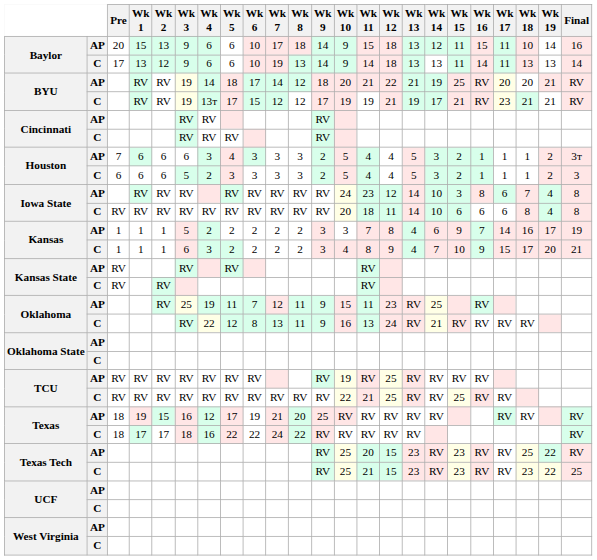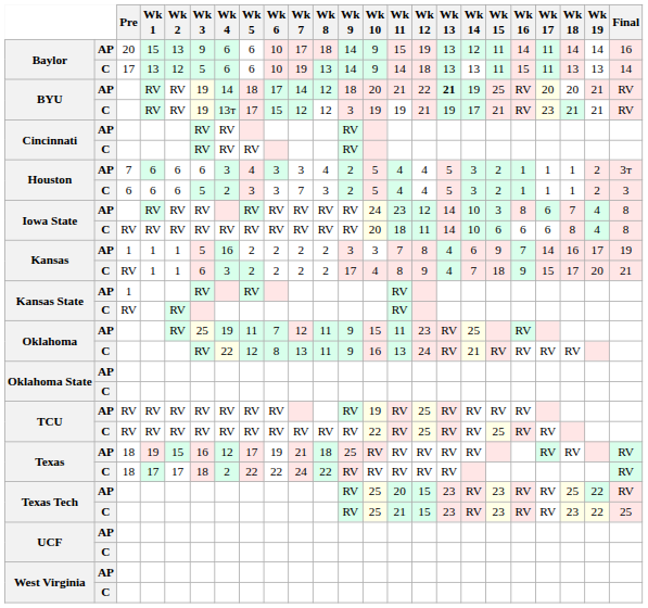 <table class="wikitable" style="white-space:nowrap;font-size:90%;">
 <tr>
 <th colspan="2" style="background:white; border-top-style:hidden; border-left-style:hidden;"> </th>
 <th>Pre</th>
 <th>Wk<br>1</th>
 <th>Wk<br>2</th>
 <th>Wk<br>3</th>
 <th>Wk<br>4</th>
 <th>Wk<br>5</th>
 <th>Wk<br>6</th>
 <th>Wk<br>7</th>
 <th>Wk<br>8</th>
 <th>Wk<br>9</th>
 <th>Wk<br>10</th>
 <th>Wk<br>11</th>
 <th>Wk<br>12</th>
 <th>Wk<br>13</th>
 <th>Wk<br>14</th>
 <th>Wk<br>15</th>
 <th>Wk<br>16</th>
 <th>Wk<br>17</th>
 <th>Wk<br>18</th>
 <th>Wk<br>19</th>
 <th>Final</th>
 </tr>
 <tr style="text-align:center;">
 <th rowspan="2">Baylor</th>
 <th>AP</th>
 <td style="background:#FFF;">20</td>
 <td style="background:#d8ffeb;">15</td>
 <td style="background:#d8ffeb;">13</td>
 <td style="background:#d8ffeb;">9</td>
 <td style="background:#d8ffeb;">6</td>
 <td style="background:#FFF;">6</td>
 <td style="background:#ffe6e6;">10</td>
 <td style="background:#ffe6e6;">17</td>
 <td style="background:#ffe6e6;">18</td>
 <td style="background:#d8ffeb;">14</td>
 <td style="background:#d8ffeb;">9</td>
 <td style="background:#ffe6e6;">15</td>
-<td style="background:#ffe6e6;">18</td>
+<td style="background:#ffe6e6;">19</td>
 <td style="background:#d8ffeb;">13</td>
 <td style="background:#d8ffeb;">12</td>
 <td style="background:#d8ffeb;">11</td>
-<td style="background:#ffe6e6;">15</td>
+<td style="background:#ffe6e6;">14</td>
 <td style="background:#d8ffeb;">11</td>
-<td style="background:#ffe6e6;">10</td>
+<td style="background:#ffe6e6;">14</td>
 <td style="background:#FFF;">14</td>
 <td style="background:#ffe6e6;">16</td>
 </tr>
 <tr style="text-align:center;">
 <th>C</th>
 <td style="background:#FFF;">17</td>
 <td style="background:#d8ffeb;">13</td>
 <td style="background:#d8ffeb;">12</td>
-<td style="background:#d8ffeb;">9</td>
+<td style="background:#d8ffeb;">5</td>
 <td style="background:#d8ffeb;">6</td>
 <td style="background:#FFF;">6</td>
 <td style="background:#ffe6e6;">10</td>
 <td style="background:#ffe6e6;">19</td>
 <td style="background:#d8ffeb;">13</td>
 <td style="background:#d8ffeb;">14</td>
 <td style="background:#d8ffeb;">9</td>
 <td style="background:#ffe6e6;">14</td>
 <td style="background:#ffe6e6;">18</td>
 <td style="background:#d8ffeb;">13</td>
 <td style="background:#FFF;">13</td>
 <td style="background:#d8ffeb;">11</td>
-<td style="background:#ffe6e6;">14</td>
+<td style="background:#ffe6e6;">15</td>
 <td style="background:#d8ffeb;">11</td>
 <td style="background:#ffe6e6;">13</td>
 <td style="background:#FFF;">13</td>
 <td style="background:#ffe6e6;">14</td>
 </tr>
 <tr style="text-align:center;">
 <th rowspan="2">BYU</th>
 <th>AP</th>
 <td style="background:#FFF;"></td>
 <td style="background:#d8ffeb;">RV</td>
 <td style="background:#FFF;">RV</td>
 <td style="background:#ffffe6;">19</td>
 <td style="background:#d8ffeb;">14</td>
 <td style="background:#ffe6e6;">18</td>
 <td style="background:#d8ffeb;">17</td>
 <td style="background:#d8ffeb;">14</td>
 <td style="background:#d8ffeb;">12</td>
 <td style="background:#ffe6e6;">18</td>
 <td style="background:#ffe6e6;">20</td>
 <td style="background:#ffe6e6;">21</td>
 <td style="background:#ffe6e6;">22</td>
-<td style="background:#d8ffeb;">21</td>
+<td style="background:#d8ffeb;"><strong>21</strong></td>
 <td style="background:#d8ffeb;">19</td>
 <td style="background:#ffe6e6;">25</td>
 <td style="background:#ffe6e6;">RV</td>
 <td style="background:#ffffe6;">20</td>
 <td style="background:#FFF;">20</td>
 <td style="background:#ffe6e6;">21</td>
 <td style="background:#ffe6e6;">RV</td>
 </tr>
 <tr style="text-align:center;">
 <th>C</th>
 <td style="background:#FFF;"></td>
 <td style="background:#d8ffeb;">RV</td>
 <td style="background:#FFF;">RV</td>
 <td style="background:#ffffe6;">19</td>
 <td style="background:#d8ffeb;">13т</td>
 <td style="background:#ffe6e6;">17</td>
 <td style="background:#d8ffeb;">15</td>
 <td style="background:#d8ffeb;">12</td>
 <td style="background:#FFF;">12</td>
-<td style="background:#ffe6e6;">17</td>
+<td style="background:#ffe6e6;">3</td>
 <td style="background:#ffe6e6;">19</td>
 <td style="background:#FFF;">19</td>
 <td style="background:#ffe6e6;">21</td>
 <td style="background:#d8ffeb;">19</td>
 <td style="background:#d8ffeb;">17</td>
 <td style="background:#ffe6e6;">21</td>
 <td style="background:#ffe6e6;">RV</td>
 <td style="background:#ffffe6;">23</td>
 <td style="background:#d8ffeb;">21</td>
 <td style="background:#FFF;">21</td>
 <td style="background:#ffe6e6;">RV</td>
 </tr>
 <tr style="text-align:center;">
 <th rowspan="2">Cincinnati</th>
 <th>AP</th>
 <td style="background:#FFF;"></td>
 <td style="background:#FFF;"></td>
 <td style="background:#FFF;"></td>
 <td style="background:#d8ffeb;">RV</td>
 <td style="background:#FFF;">RV</td>
 <td style="background:#ffe6e6;"></td>
 <td style="background:#FFF;"></td>
 <td style="background:#FFF;"></td>
 <td style="background:#FFF;"></td>
 <td style="background:#d8ffeb;">RV</td>
 <td style="background:#ffe6e6;"></td>
 <td style="background:#FFF;"></td>
 <td style="background:#FFF;"></td>
 <td style="background:#FFF;"></td>
 <td style="background:#FFF;"></td>
 <td style="background:#FFF;"></td>
 <td style="background:#FFF;"></td>
 <td style="background:#FFF;"></td>
 <td style="background:#FFF;"></td>
 <td style="background:#FFF;"></td>
 <td style="background:#FFF;"></td>
 </tr>
 <tr style="text-align:center;">
 <th>C</th>
 <td style="background:#FFF;"></td>
 <td style="background:#FFF;"></td>
 <td style="background:#FFF;"></td>
 <td style="background:#d8ffeb;">RV</td>
 <td style="background:#FFF;">RV</td>
 <td style="background:#FFF;">RV</td>
 <td style="background:#ffe6e6;"></td>
 <td style="background:#FFF;"></td>
 <td style="background:#FFF;"></td>
 <td style="background:#d8ffeb;">RV</td>
 <td style="background:#ffe6e6;"></td>
 <td style="background:#FFF;"></td>
 <td style="background:#FFF;"></td>
 <td style="background:#FFF;"></td>
 <td style="background:#FFF;"></td>
 <td style="background:#FFF;"></td>
 <td style="background:#FFF;"></td>
 <td style="background:#FFF;"></td>
 <td style="background:#FFF;"></td>
 <td style="background:#FFF;"></td>
 <td style="background:#FFF;"></td>
 </tr>
 <tr style="text-align:center;">
 <th rowspan="2">Houston</th>
 <th>AP</th>
 <td style="background:#FFF;">7</td>
 <td style="background:#d8ffeb;">6</td>
 <td style="background:#FFF;">6</td>
 <td style="background:#FFF;">6</td>
 <td style="background:#d8ffeb;">3</td>
 <td style="background:#ffe6e6;">4</td>
 <td style="background:#d8ffeb;">3</td>
 <td style="background:#FFF;">3</td>
-<td style="background:#FFF;">3</td>
+<td style="background:#FFF;">4</td>
 <td style="background:#d8ffeb;">2</td>
 <td style="background:#ffe6e6;">5</td>
 <td style="background:#d8ffeb;">4</td>
 <td style="background:#FFF;">4</td>
 <td style="background:#ffe6e6;">5</td>
 <td style="background:#d8ffeb;">3</td>
 <td style="background:#d8ffeb;">2</td>
 <td style="background:#d8ffeb;">1</td>
 <td style="background:#FFF;">1</td>
 <td style="background:#FFF;">1</td>
 <td style="background:#ffe6e6;">2</td>
 <td style="background:#ffe6e6;">3т</td>
 </tr>
 <tr style="text-align:center;">
 <th>C</th>
 <td style="background:#FFF;">6</td>
 <td style="background:#FFF;">6</td>
 <td style="background:#FFF;">6</td>
 <td style="background:#d8ffeb;">5</td>
 <td style="background:#d8ffeb;">2</td>
 <td style="background:#ffe6e6;">3</td>
 <td style="background:#FFF;">3</td>
-<td style="background:#FFF;">3</td>
+<td style="background:#FFF;">7</td>
 <td style="background:#FFF;">3</td>
 <td style="background:#d8ffeb;">2</td>
 <td style="background:#ffe6e6;">5</td>
 <td style="background:#d8ffeb;">4</td>
 <td style="background:#FFF;">4</td>
 <td style="background:#ffe6e6;">5</td>
 <td style="background:#d8ffeb;">3</td>
 <td style="background:#d8ffeb;">2</td>
 <td style="background:#d8ffeb;">1</td>
 <td style="background:#FFF;">1</td>
 <td style="background:#FFF;">1</td>
 <td style="background:#ffe6e6;">2</td>
 <td style="background:#ffe6e6;">3</td>
 </tr>
 <tr style="text-align:center;">
 <th rowspan="2">Iowa State</th>
 <th>AP</th>
 <td style="background:#FFF;"></td>
 <td style="background:#d8ffeb;">RV</td>
 <td style="background:#FFF;">RV</td>
 <td style="background:#FFF;">RV</td>
 <td style="background:#ffe6e6;"></td>
 <td style="background:#d8ffeb;">RV</td>
 <td style="background:#FFF;">RV</td>
 <td style="background:#FFF;">RV</td>
 <td style="background:#FFF;">RV</td>
 <td style="background:#FFF;">RV</td>
 <td style="background:#ffffe6;">24</td>
 <td style="background:#d8ffeb;">23</td>
 <td style="background:#d8ffeb;">12</td>
 <td style="background:#ffe6e6;">14</td>
 <td style="background:#d8ffeb;">10</td>
 <td style="background:#d8ffeb;">3</td>
 <td style="background:#ffe6e6;">8</td>
 <td style="background:#d8ffeb;">6</td>
 <td style="background:#ffe6e6;">7</td>
 <td style="background:#d8ffeb;">4</td>
 <td style="background:#ffe6e6;">8</td>
 </tr>
 <tr style="text-align:center;">
 <th>C</th>
 <td style="background:#FFF;">RV</td>
 <td style="background:#FFF;">RV</td>
 <td style="background:#FFF;">RV</td>
 <td style="background:#FFF;">RV</td>
 <td style="background:#FFF;">RV</td>
 <td style="background:#FFF;">RV</td>
 <td style="background:#FFF;">RV</td>
 <td style="background:#FFF;">RV</td>
 <td style="background:#FFF;">RV</td>
 <td style="background:#FFF;">RV</td>
 <td style="background:#ffffe6;">20</td>
 <td style="background:#d8ffeb;">18</td>
 <td style="background:#d8ffeb;">11</td>
 <td style="background:#ffe6e6;">14</td>
 <td style="background:#d8ffeb;">10</td>
 <td style="background:#d8ffeb;">6</td>
 <td style="background:#FFF;">6</td>
 <td style="background:#FFF;">6</td>
 <td style="background:#ffe6e6;">8</td>
 <td style="background:#d8ffeb;">4</td>
 <td style="background:#ffe6e6;">8</td>
 </tr>
 <tr style="text-align:center;">
 <th rowspan="2">Kansas</th>
 <th>AP</th>
 <td style="background:#FFF;">1</td>
 <td style="background:#FFF;">1</td>
 <td style="background:#FFF;">1</td>
 <td style="background:#ffe6e6;">5</td>
-<td style="background:#d8ffeb;">2</td>
+<td style="background:#d8ffeb;">16</td>
 <td style="background:#FFF;">2</td>
 <td style="background:#FFF;">2</td>
 <td style="background:#FFF;">2</td>
 <td style="background:#FFF;">2</td>
 <td style="background:#ffe6e6;">3</td>
 <td style="background:#FFF;">3</td>
 <td style="background:#ffe6e6;">7</td>
 <td style="background:#ffe6e6;">8</td>
 <td style="background:#d8ffeb;">4</td>
 <td style="background:#ffe6e6;">6</td>
 <td style="background:#ffe6e6;">9</td>
 <td style="background:#d8ffeb;">7</td>
 <td style="background:#ffe6e6;">14</td>
 <td style="background:#ffe6e6;">16</td>
 <td style="background:#ffe6e6;">17</td>
 <td style="background:#ffe6e6;">19</td>
 </tr>
 <tr style="text-align:center;">
 <th>C</th>
-<td style="background:#FFF;">1</td>
+<td style="background:#FFF;">RV</td>
 <td style="background:#FFF;">1</td>
 <td style="background:#FFF;">1</td>
 <td style="background:#ffe6e6;">6</td>
 <td style="background:#d8ffeb;">3</td>
 <td style="background:#d8ffeb;">2</td>
 <td style="background:#FFF;">2</td>
 <td style="background:#FFF;">2</td>
 <td style="background:#FFF;">2</td>
-<td style="background:#ffe6e6;">3</td>
+<td style="background:#ffe6e6;">17</td>
 <td style="background:#ffe6e6;">4</td>
 <td style="background:#ffe6e6;">8</td>
 <td style="background:#ffe6e6;">9</td>
 <td style="background:#d8ffeb;">4</td>
 <td style="background:#ffe6e6;">7</td>
-<td style="background:#ffe6e6;">10</td>
+<td style="background:#ffe6e6;">18</td>
 <td style="background:#d8ffeb;">9</td>
 <td style="background:#ffe6e6;">15</td>
 <td style="background:#ffe6e6;">17</td>
 <td style="background:#ffe6e6;">20</td>
 <td style="background:#ffe6e6;">21</td>
 </tr>
 <tr style="text-align:center;">
 <th rowspan="2">Kansas State</th>
 <th>AP</th>
-<td style="background:#FFF;">RV</td>
+<td style="background:#FFF;">1</td>
 <td style="background:#FFF;"></td>
 <td style="background:#FFF;"></td>
 <td style="background:#d8ffeb;">RV</td>
 <td style="background:#ffe6e6;"></td>
 <td style="background:#d8ffeb;">RV</td>
 <td style="background:#ffe6e6;"></td>
 <td style="background:#FFF;"></td>
 <td style="background:#FFF;"></td>
 <td style="background:#FFF;"></td>
 <td style="background:#FFF;"></td>
 <td style="background:#d8ffeb;">RV</td>
 <td style="background:#ffe6e6;"></td>
 <td style="background:#FFF;"></td>
 <td style="background:#FFF;"></td>
 <td style="background:#FFF;"></td>
 <td style="background:#FFF;"></td>
 <td style="background:#FFF;"></td>
 <td style="background:#FFF;"></td>
 <td style="background:#FFF;"></td>
 <td style="background:#FFF;"></td>
 </tr>
 <tr style="text-align:center;">
 <th>C</th>
 <td style="background:#FFF;">RV</td>
 <td style="background:#FFF;"></td>
 <td style="background:#d8ffeb;">RV</td>
 <td style="background:#ffe6e6;"></td>
 <td style="background:#FFF;"></td>
 <td style="background:#FFF;"></td>
 <td style="background:#FFF;"></td>
 <td style="background:#FFF;"></td>
 <td style="background:#FFF;"></td>
 <td style="background:#FFF;"></td>
 <td style="background:#FFF;"></td>
 <td style="background:#d8ffeb;">RV</td>
 <td style="background:#ffe6e6;"></td>
 <td style="background:#FFF;"></td>
 <td style="background:#FFF;"></td>
 <td style="background:#FFF;"></td>
 <td style="background:#FFF;"></td>
 <td style="background:#FFF;"></td>
 <td style="background:#FFF;"></td>
 <td style="background:#FFF;"></td>
 <td style="background:#FFF;"></td>
 </tr>
 <tr style="text-align:center;">
 <th rowspan="2">Oklahoma</th>
 <th>AP</th>
 <td style="background:#FFF;"></td>
 <td style="background:#FFF;"></td>
 <td style="background:#d8ffeb;">RV</td>
 <td style="background:#ffffe6;">25</td>
 <td style="background:#d8ffeb;">19</td>
 <td style="background:#d8ffeb;">11</td>
 <td style="background:#d8ffeb;">7</td>
 <td style="background:#ffe6e6;">12</td>
 <td style="background:#d8ffeb;">11</td>
 <td style="background:#d8ffeb;">9</td>
 <td style="background:#ffe6e6;">15</td>
 <td style="background:#d8ffeb;">11</td>
 <td style="background:#ffe6e6;">23</td>
 <td style="background:#ffe6e6;">RV</td>
 <td style="background:#ffffe6;">25</td>
 <td style="background:#ffe6e6;"></td>
 <td style="background:#d8ffeb;">RV</td>
 <td style="background:#ffe6e6;"></td>
 <td style="background:#FFF;"></td>
 <td style="background:#FFF;"></td>
 <td style="background:#FFF;"></td>
 </tr>
 <tr style="text-align:center;">
 <th>C</th>
 <td style="background:#FFF;"></td>
 <td style="background:#FFF;"></td>
 <td style="background:#FFF;"></td>
 <td style="background:#d8ffeb;">RV</td>
 <td style="background:#ffffe6;">22</td>
 <td style="background:#d8ffeb;">12</td>
 <td style="background:#d8ffeb;">8</td>
 <td style="background:#d8ffeb;">13</td>
 <td style="background:#d8ffeb;">11</td>
 <td style="background:#d8ffeb;">9</td>
 <td style="background:#ffe6e6;">16</td>
 <td style="background:#d8ffeb;">13</td>
 <td style="background:#ffe6e6;">24</td>
 <td style="background:#ffe6e6;">RV</td>
 <td style="background:#ffffe6;">21</td>
 <td style="background:#ffe6e6;">RV</td>
 <td style="background:#FFF;">RV</td>
 <td style="background:#FFF;">RV</td>
 <td style="background:#FFF;">RV</td>
 <td style="background:#ffe6e6;"></td>
 <td style="background:#FFF;"></td>
 </tr>
 <tr style="text-align:center;">
 <th rowspan="2">Oklahoma State</th>
 <th>AP</th>
 <td style="background:#FFF;"></td>
 <td style="background:#FFF;"></td>
 <td style="background:#FFF;"></td>
 <td style="background:#FFF;"></td>
 <td style="background:#FFF;"></td>
 <td style="background:#FFF;"></td>
 <td style="background:#FFF;"></td>
 <td style="background:#FFF;"></td>
 <td style="background:#FFF;"></td>
 <td style="background:#FFF;"></td>
 <td style="background:#FFF;"></td>
 <td style="background:#FFF;"></td>
 <td style="background:#FFF;"></td>
 <td style="background:#FFF;"></td>
 <td style="background:#FFF;"></td>
 <td style="background:#FFF;"></td>
 <td style="background:#FFF;"></td>
 <td style="background:#FFF;"></td>
 <td style="background:#FFF;"></td>
 <td style="background:#FFF;"></td>
 <td style="background:#FFF;"></td>
 </tr>
 <tr style="text-align:center;">
 <th>C</th>
 <td style="background:#FFF;"></td>
 <td style="background:#FFF;"></td>
 <td style="background:#FFF;"></td>
 <td style="background:#FFF;"></td>
 <td style="background:#FFF;"></td>
 <td style="background:#FFF;"></td>
 <td style="background:#FFF;"></td>
 <td style="background:#FFF;"></td>
 <td style="background:#FFF;"></td>
 <td style="background:#FFF;"></td>
 <td style="background:#FFF;"></td>
 <td style="background:#FFF;"></td>
 <td style="background:#FFF;"></td>
 <td style="background:#FFF;"></td>
 <td style="background:#FFF;"></td>
 <td style="background:#FFF;"></td>
 <td style="background:#FFF;"></td>
 <td style="background:#FFF;"></td>
 <td style="background:#FFF;"></td>
 <td style="background:#FFF;"></td>
 <td style="background:#FFF;"></td>
 </tr>
 <tr style="text-align:center;">
 <th rowspan="2">TCU</th>
 <th>AP</th>
 <td style="background:#FFF;">RV</td>
 <td style="background:#FFF;">RV</td>
 <td style="background:#FFF;">RV</td>
 <td style="background:#FFF;">RV</td>
 <td style="background:#FFF;">RV</td>
 <td style="background:#FFF;">RV</td>
 <td style="background:#FFF;">RV</td>
 <td style="background:#ffe6e6;"></td>
 <td style="background:#FFF;"></td>
 <td style="background:#d8ffeb;">RV</td>
 <td style="background:#ffffe6;">19</td>
 <td style="background:#ffe6e6;">RV</td>
 <td style="background:#ffffe6;">25</td>
 <td style="background:#ffe6e6;">RV</td>
 <td style="background:#FFF;">RV</td>
 <td style="background:#FFF;">RV</td>
 <td style="background:#FFF;">RV</td>
 <td style="background:#ffe6e6;"></td>
 <td style="background:#FFF;"></td>
 <td style="background:#FFF;"></td>
 <td style="background:#FFF;"></td>
 </tr>
 <tr style="text-align:center;">
 <th>C</th>
 <td style="background:#FFF;">RV</td>
 <td style="background:#FFF;">RV</td>
 <td style="background:#FFF;">RV</td>
 <td style="background:#FFF;">RV</td>
 <td style="background:#FFF;">RV</td>
 <td style="background:#FFF;">RV</td>
 <td style="background:#FFF;">RV</td>
 <td style="background:#FFF;">RV</td>
 <td style="background:#FFF;">RV</td>
 <td style="background:#FFF;">RV</td>
 <td style="background:#ffffe6;">22</td>
-<td style="background:#ffe6e6;">21</td>
+<td style="background:#ffe6e6;">RV</td>
 <td style="background:#ffffe6;">25</td>
 <td style="background:#ffe6e6;">RV</td>
 <td style="background:#FFF;">RV</td>
 <td style="background:#ffffe6;">25</td>
 <td style="background:#ffe6e6;">RV</td>
 <td style="background:#FFF;">RV</td>
 <td style="background:#ffe6e6;"></td>
 <td style="background:#FFF;"></td>
 <td style="background:#FFF;"></td>
 </tr>
 <tr style="text-align:center;">
 <th rowspan="2">Texas</th>
 <th>AP</th>
 <td style="background:#FFF;">18</td>
 <td style="background:#ffe6e6;">19</td>
 <td style="background:#d8ffeb;">15</td>
 <td style="background:#ffe6e6;">16</td>
 <td style="background:#d8ffeb;">12</td>
 <td style="background:#ffe6e6;">17</td>
 <td style="background:#FFF;">19</td>
 <td style="background:#ffe6e6;">21</td>
-<td style="background:#d8ffeb;">20</td>
+<td style="background:#d8ffeb;">18</td>
 <td style="background:#ffe6e6;">25</td>
 <td style="background:#ffe6e6;">RV</td>
 <td style="background:#FFF;">RV</td>
 <td style="background:#FFF;">RV</td>
 <td style="background:#FFF;">RV</td>
 <td style="background:#FFF;">RV</td>
 <td style="background:#ffe6e6;"></td>
 <td style="background:#FFF;"></td>
 <td style="background:#d8ffeb;">RV</td>
 <td style="background:#FFF;">RV</td>
 <td style="background:#ffe6e6;"></td>
 <td style="background:#d8ffeb;">RV</td>
 </tr>
 <tr style="text-align:center;">
 <th>C</th>
 <td style="background:#FFF;">18</td>
 <td style="background:#d8ffeb;">17</td>
 <td style="background:#FFF;">17</td>
 <td style="background:#ffe6e6;">18</td>
-<td style="background:#d8ffeb;">16</td>
+<td style="background:#d8ffeb;">2</td>
 <td style="background:#ffe6e6;">22</td>
 <td style="background:#FFF;">22</td>
 <td style="background:#ffe6e6;">24</td>
 <td style="background:#d8ffeb;">22</td>
 <td style="background:#ffe6e6;">RV</td>
 <td style="background:#FFF;">RV</td>
 <td style="background:#FFF;">RV</td>
 <td style="background:#FFF;">RV</td>
 <td style="background:#FFF;">RV</td>
 <td style="background:#ffe6e6;"></td>
 <td style="background:#FFF;"></td>
 <td style="background:#FFF;"></td>
 <td style="background:#FFF;"></td>
 <td style="background:#FFF;"></td>
 <td style="background:#FFF;"></td>
 <td style="background:#d8ffeb;">RV</td>
 </tr>
 <tr style="text-align:center;">
 <th rowspan="2">Texas Tech</th>
 <th>AP</th>
 <td style="background:#FFF;"></td>
 <td style="background:#FFF;"></td>
 <td style="background:#FFF;"></td>
 <td style="background:#FFF;"></td>
 <td style="background:#FFF;"></td>
 <td style="background:#FFF;"></td>
 <td style="background:#FFF;"></td>
 <td style="background:#FFF;"></td>
 <td style="background:#FFF;"></td>
 <td style="background:#d8ffeb;">RV</td>
 <td style="background:#ffffe6;">25</td>
 <td style="background:#d8ffeb;">20</td>
 <td style="background:#d8ffeb;">15</td>
 <td style="background:#ffe6e6;">23</td>
 <td style="background:#ffe6e6;">RV</td>
 <td style="background:#ffffe6;">23</td>
 <td style="background:#ffe6e6;">RV</td>
 <td style="background:#FFF;">RV</td>
 <td style="background:#ffffe6;">25</td>
 <td style="background:#d8ffeb;">22</td>
 <td style="background:#ffe6e6;">RV</td>
 </tr>
 <tr style="text-align:center;">
 <th>C</th>
 <td style="background:#FFF;"></td>
 <td style="background:#FFF;"></td>
 <td style="background:#FFF;"></td>
 <td style="background:#FFF;"></td>
 <td style="background:#FFF;"></td>
 <td style="background:#FFF;"></td>
 <td style="background:#FFF;"></td>
 <td style="background:#FFF;"></td>
 <td style="background:#FFF;"></td>
 <td style="background:#d8ffeb;">RV</td>
 <td style="background:#ffffe6;">25</td>
 <td style="background:#d8ffeb;">21</td>
 <td style="background:#d8ffeb;">15</td>
 <td style="background:#ffe6e6;">23</td>
 <td style="background:#ffe6e6;">RV</td>
 <td style="background:#ffffe6;">23</td>
 <td style="background:#ffe6e6;">RV</td>
 <td style="background:#FFF;">RV</td>
 <td style="background:#ffffe6;">23</td>
 <td style="background:#ffffe6;">22</td>
 <td style="background:#ffe6e6;">25</td>
 </tr>
 <tr style="text-align:center;">
 <th rowspan="2">UCF</th>
 <th>AP</th>
 <td style="background:#FFF;"></td>
 <td style="background:#FFF;"></td>
 <td style="background:#FFF;"></td>
 <td style="background:#FFF;"></td>
 <td style="background:#FFF;"></td>
 <td style="background:#FFF;"></td>
 <td style="background:#FFF;"></td>
 <td style="background:#FFF;"></td>
 <td style="background:#FFF;"></td>
 <td style="background:#FFF;"></td>
 <td style="background:#FFF;"></td>
 <td style="background:#FFF;"></td>
 <td style="background:#FFF;"></td>
 <td style="background:#FFF;"></td>
 <td style="background:#FFF;"></td>
 <td style="background:#FFF;"></td>
 <td style="background:#FFF;"></td>
 <td style="background:#FFF;"></td>
 <td style="background:#FFF;"></td>
 <td style="background:#FFF;"></td>
 <td style="background:#FFF;"></td>
 </tr>
 <tr style="text-align:center;">
 <th>C</th>
 <td style="background:#FFF;"></td>
 <td style="background:#FFF;"></td>
 <td style="background:#FFF;"></td>
 <td style="background:#FFF;"></td>
 <td style="background:#FFF;"></td>
 <td style="background:#FFF;"></td>
 <td style="background:#FFF;"></td>
 <td style="background:#FFF;"></td>
 <td style="background:#FFF;"></td>
 <td style="background:#FFF;"></td>
 <td style="background:#FFF;"></td>
 <td style="background:#FFF;"></td>
 <td style="background:#FFF;"></td>
 <td style="background:#FFF;"></td>
 <td style="background:#FFF;"></td>
 <td style="background:#FFF;"></td>
 <td style="background:#FFF;"></td>
 <td style="background:#FFF;"></td>
 <td style="background:#FFF;"></td>
 <td style="background:#FFF;"></td>
 <td style="background:#FFF;"></td>
 </tr>
 <tr style="text-align:center;">
 <th rowspan="2">West Virginia</th>
 <th>AP</th>
 <td style="background:#FFF;"></td>
 <td style="background:#FFF;"></td>
 <td style="background:#FFF;"></td>
 <td style="background:#FFF;"></td>
 <td style="background:#FFF;"></td>
 <td style="background:#FFF;"></td>
 <td style="background:#FFF;"></td>
 <td style="background:#FFF;"></td>
 <td style="background:#FFF;"></td>
 <td style="background:#FFF;"></td>
 <td style="background:#FFF;"></td>
 <td style="background:#FFF;"></td>
 <td style="background:#FFF;"></td>
 <td style="background:#FFF;"></td>
 <td style="background:#FFF;"></td>
 <td style="background:#FFF;"></td>
 <td style="background:#FFF;"></td>
 <td style="background:#FFF;"></td>
 <td style="background:#FFF;"></td>
 <td style="background:#FFF;"></td>
 <td style="background:#FFF;"></td>
 </tr>
 <tr style="text-align:center;">
 <th>C</th>
 <td style="background:#FFF;"></td>
 <td style="background:#FFF;"></td>
 <td style="background:#FFF;"></td>
 <td style="background:#FFF;"></td>
 <td style="background:#FFF;"></td>
 <td style="background:#FFF;"></td>
 <td style="background:#FFF;"></td>
 <td style="background:#FFF;"></td>
 <td style="background:#FFF;"></td>
 <td style="background:#FFF;"></td>
 <td style="background:#FFF;"></td>
 <td style="background:#FFF;"></td>
 <td style="background:#FFF;"></td>
 <td style="background:#FFF;"></td>
 <td style="background:#FFF;"></td>
 <td style="background:#FFF;"></td>
 <td style="background:#FFF;"></td>
 <td style="background:#FFF;"></td>
 <td style="background:#FFF;"></td>
 <td style="background:#FFF;"></td>
 <td style="background:#FFF;"></td>
 </tr>
 </table>
